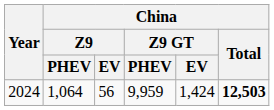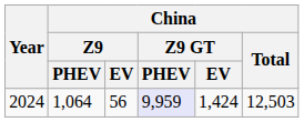 <table class="wikitable">
 <tr>
 <th rowspan="3">Year</th>
 <th colspan="5">China</th>
 </tr>
 <tr>
 <th colspan="2">Z9</th>
 <th colspan="2">Z9 GT</th>
 <th rowspan="2">Total</th>
 </tr>
 <tr>
 <th>PHEV</th>
 <th>EV</th>
 <th>PHEV</th>
 <th>EV</th>
 </tr>
 <tr>
 <td>2024</td>
 <td>1,064</td>
 <td>56</td>
-<td>9,959</td>
+<td style="background: lavender;">9,959</td>
 <td>1,424</td>
-<td><strong>12,503</strong></td>
+<td>12,503</td>
 </tr>
 </table>
